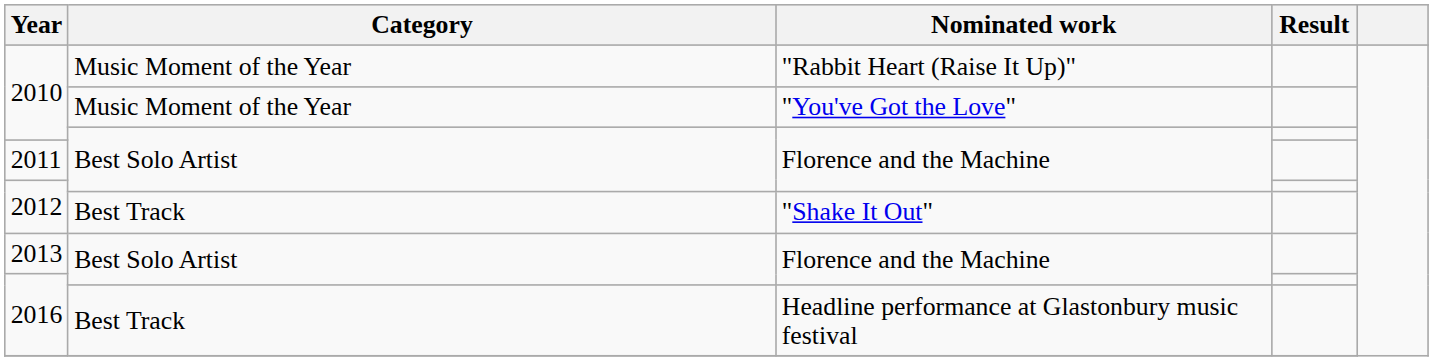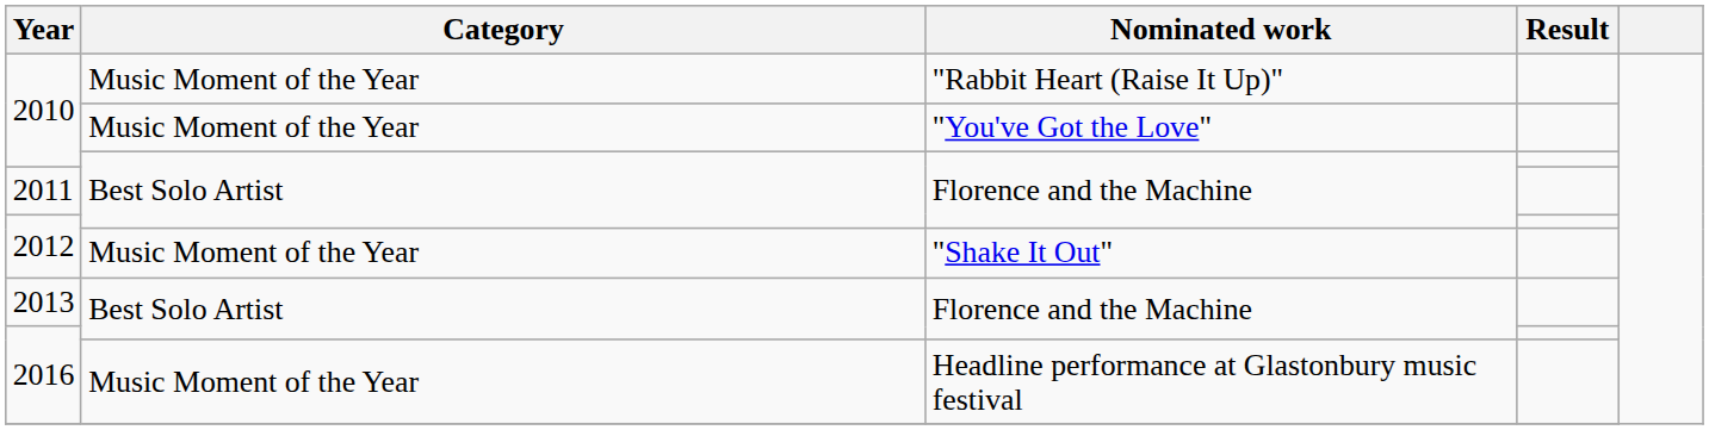 <table class="wikitable plainrowheaders" style="width:70%;">
 <tr>
 <th scope="col" style="width:4%;">Year</th>
 <th scope="col" style="width:50%;">Category</th>
 <th scope="col" style="width:35%;">Nominated work</th>
 <th scope="col" style="width:6%;">Result</th>
 <th scope="col" style="width:6%;"></th>
 </tr>
 <tr>
 <td rowspan="3">2010</td>
 <td>Music Moment of the Year</td>
 <td>"Rabbit Heart (Raise It Up)"</td>
 <td></td>
 </tr>
 <tr>
 <td>Music Moment of the Year</td>
 <td>"<a href='#'>You've Got the Love</a>"</td>
 <td></td>
 </tr>
 <tr>
 <td rowspan="3">Best Solo Artist</td>
 <td rowspan="3">Florence and the Machine</td>
 <td></td>
 </tr>
 <tr>
 <td>2011</td>
 <td></td>
 </tr>
 <tr>
 <td rowspan="2">2012</td>
 <td></td>
 </tr>
 <tr>
-<td>Best Track</td>
+<td>Music Moment of the Year</td>
 <td>"<a href='#'>Shake It Out</a>"</td>
 <td></td>
 </tr>
 <tr>
 <td>2013</td>
 <td rowspan="2">Best Solo Artist</td>
 <td rowspan="2">Florence and the Machine</td>
 <td></td>
 </tr>
 <tr>
 <td rowspan="2">2016</td>
 <td></td>
 </tr>
 <tr>
-<td>Best Track</td>
+<td>Music Moment of the Year</td>
 <td>Headline performance at Glastonbury music festival</td>
 <td></td>
 </tr>
 <tr>
 </tr>
 </table>
